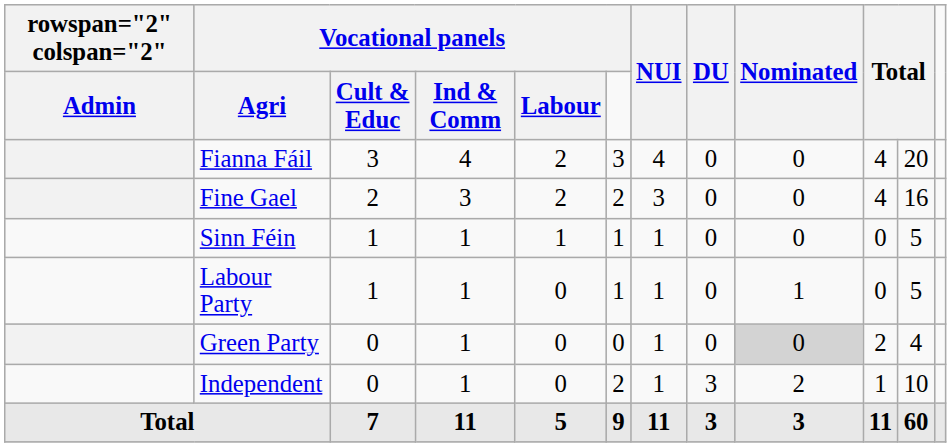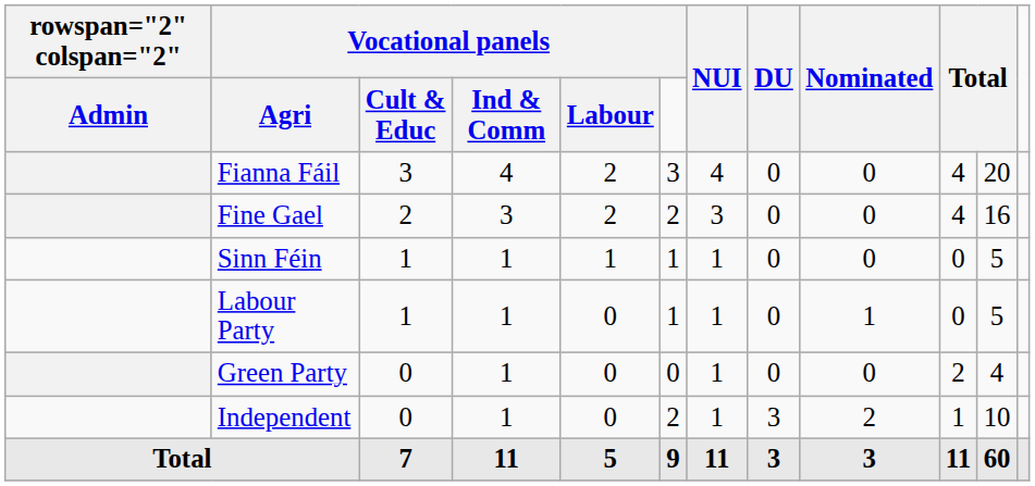 <table class="wikitable">
 <tr>
 <th>rowspan="2" colspan="2" </th>
 <th scope="col" colspan="5"><a href='#'>Vocational panels</a></th>
 <th rowspan="2"><a href='#'>NUI</a></th>
 <th rowspan="2"><a href='#'>DU</a></th>
 <th rowspan="2"><a href='#'>Nominated</a></th>
 <th rowspan="2" colspan="2">Total</th>
 </tr>
 <tr>
 <th scope="col"><a href='#'>Admin</a></th>
 <th scope="col"><a href='#'>Agri</a></th>
 <th scope="col"><a href='#'>Cult & Educ</a></th>
 <th scope="col"><a href='#'>Ind & Comm</a></th>
 <th scope="col"><a href='#'>Labour</a></th>
 </tr>
 <tr style="text-align:center">
 <th style="background-color: "></th>
 <td align="left"><a href='#'>Fianna Fáil</a></td>
 <td>3</td>
 <td>4</td>
 <td>2</td>
 <td>3</td>
 <td>4</td>
 <td>0</td>
 <td>0</td>
 <td>4</td>
 <td>20</td>
 <td style="background-color: "></td>
 </tr>
 <tr style="text-align:center">
 <th style="background-color: "></th>
 <td align="left"><a href='#'>Fine Gael</a></td>
 <td>2</td>
 <td>3</td>
 <td>2</td>
 <td>2</td>
 <td>3</td>
 <td>0</td>
 <td>0</td>
 <td>4</td>
 <td>16</td>
 <td style="background-color: "></td>
 </tr>
 <tr style="text-align:center">
 <td style="background-color: "></td>
 <td align="left"><a href='#'>Sinn Féin</a></td>
 <td>1</td>
 <td>1</td>
 <td>1</td>
 <td>1</td>
 <td>1</td>
 <td>0</td>
 <td>0</td>
 <td>0</td>
 <td>5</td>
 <td style="background-color: "></td>
 </tr>
 <tr style="text-align:center">
 <td style="background-color: "></td>
 <td align="left"><a href='#'>Labour Party</a></td>
 <td>1</td>
 <td>1</td>
 <td>0</td>
 <td>1</td>
 <td>1</td>
 <td>0</td>
 <td>1</td>
 <td>0</td>
 <td>5</td>
 <td style="background-color: "></td>
 </tr>
 <tr style="text-align:center">
 <th style="background-color: "></th>
 <td align="left"><a href='#'>Green Party</a></td>
 <td>0</td>
 <td>1</td>
 <td>0</td>
 <td>0</td>
 <td>1</td>
 <td>0</td>
-<td style="background: lightgrey;">0</td>
+<td>0</td>
 <td>2</td>
 <td>4</td>
 <td style="background-color: "></td>
 </tr>
 <tr style="text-align:center">
 <td style="background-color: "></td>
 <td align="left"><a href='#'>Independent</a></td>
 <td>0</td>
 <td>1</td>
 <td>0</td>
 <td>2</td>
 <td>1</td>
 <td>3</td>
 <td>2</td>
 <td>1</td>
 <td>10</td>
 <td style="background-color: "></td>
 </tr>
 <tr style="font-weight:bold; background:rgb(232,232,232); text-align:center">
 <td colspan="2">Total</td>
 <td>7</td>
 <td>11</td>
 <td>5</td>
 <td>9</td>
 <td>11</td>
 <td>3</td>
 <td>3</td>
 <td>11</td>
 <td>60</td>
 <td></td>
 </tr>
 </table>
